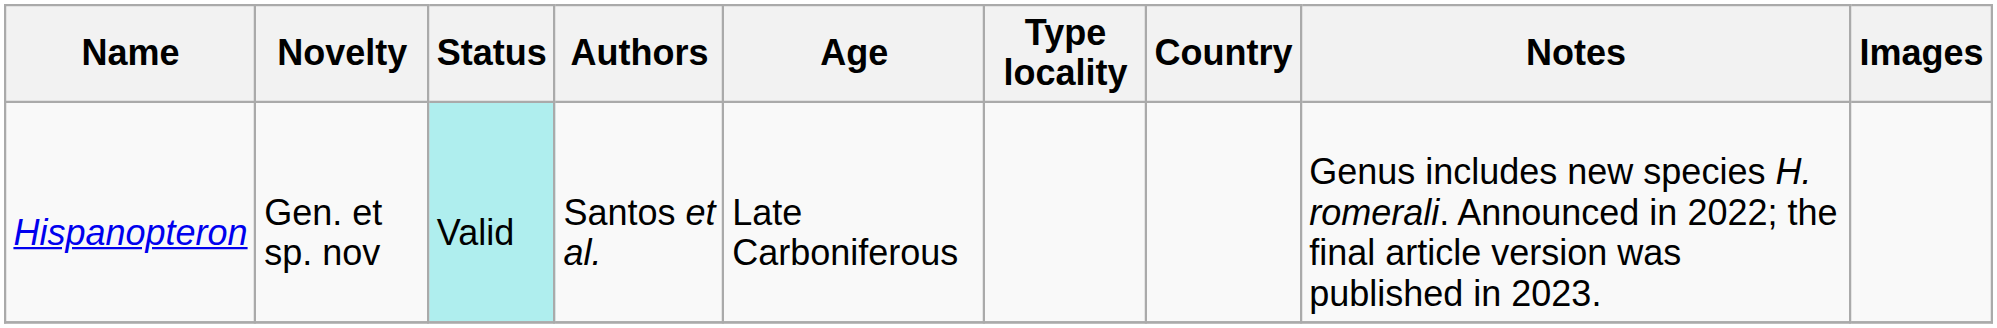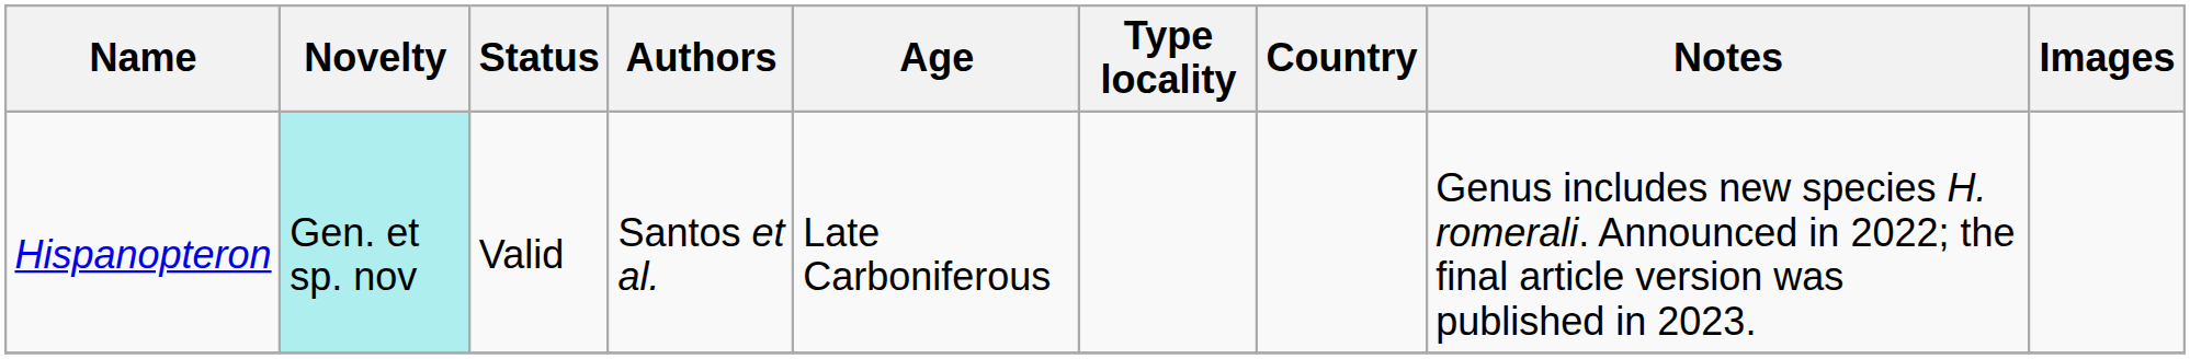 <table class="wikitable sortable" align="center" width="100%">
 <tr>
 <th>Name</th>
 <th>Novelty</th>
 <th>Status</th>
 <th>Authors</th>
 <th>Age</th>
 <th>Type locality</th>
 <th>Country</th>
 <th>Notes</th>
 <th>Images</th>
 </tr>
 <tr>
 <td><br><em><a href='#'>Hispanopteron</a></em></td>
-<td><br>Gen. et sp. nov</td>
-<td style="background: paleturquoise;"><br>Valid</td>
+<td style="background: paleturquoise;"><br>Gen. et sp. nov</td>
+<td><br>Valid</td>
 <td><br>Santos <em>et al.</em></td>
 <td><br>Late Carboniferous</td>
 <td></td>
 <td><br></td>
 <td><br>Genus includes new species <em>H. romerali</em>. Announced in 2022; the final article version was published in 2023.</td>
 <td></td>
 </tr>
 <tr>
 </tr>
 </table>
